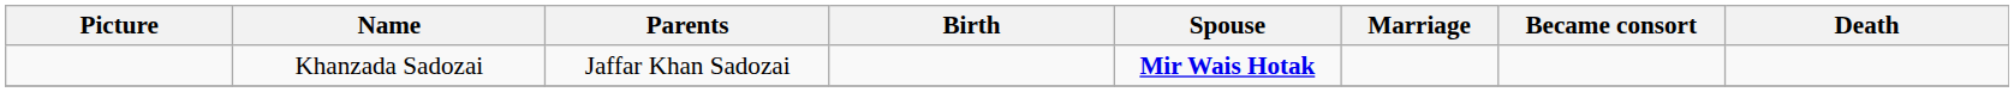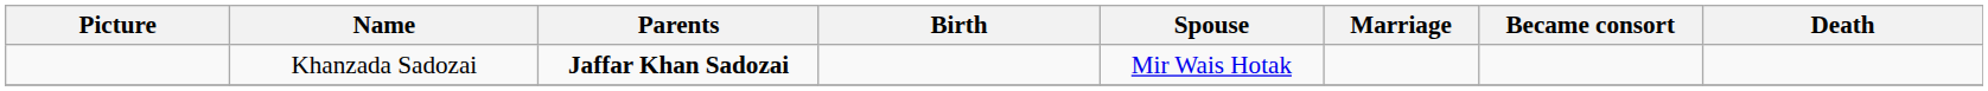 <table width=100% class="wikitable">
 <tr>
 <th width = "8%">Picture</th>
 <th width = "11%">Name</th>
 <th width = "10%">Parents</th>
 <th width = "10%">Birth</th>
 <th width = "8%">Spouse</th>
 <th width = "5%">Marriage</th>
 <th width = "8%">Became consort</th>
 <th width = "10%">Death</th>
 </tr>
 <tr>
 <td align="center"></td>
 <td align="center">Khanzada Sadozai</td>
-<td align="center">Jaffar Khan Sadozai</td>
+<td align="center"><strong>Jaffar Khan Sadozai</strong></td>
 <td align="center"></td>
-<td align="center"><strong><a href='#'>Mir Wais Hotak</a></strong></td>
+<td align="center"><a href='#'>Mir Wais Hotak</a></td>
 <td align="center"></td>
 <td align="center"></td>
 <td align="center"></td>
 </tr>
 <tr>
 </tr>
 </table>
